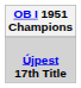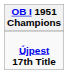 <table class="wikitable" style="text-align: center; margin: 0 auto;">
 <tr>
 <th><a href='#'>OB I</a> 1951<br>Champions</th>
 </tr>
 <tr>
 </tr>
 <tr>
-<td style="background: lightgrey;"> <br><strong><a href='#'>Újpest</a></strong><br><strong>17th Title</strong></td>
+<td> <br><strong><a href='#'>Újpest</a></strong><br><strong>17th Title</strong></td>
 </tr>
 </table>
